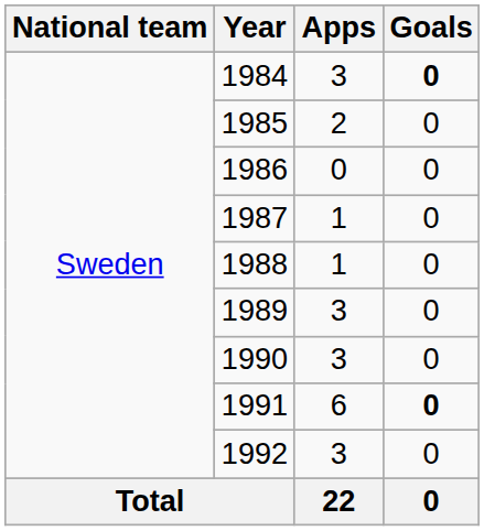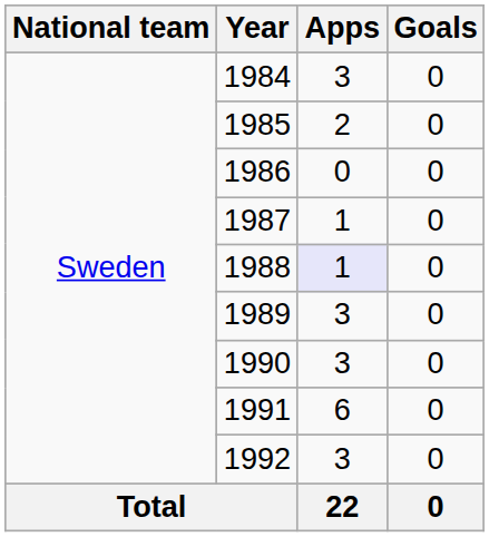 <table class="wikitable" style="text-align:center">
 <tr>
 <th>National team</th>
 <th>Year</th>
 <th>Apps</th>
 <th>Goals</th>
 </tr>
 <tr>
 <td rowspan="9"><a href='#'>Sweden</a></td>
 <td>1984</td>
 <td>3</td>
-<td><strong>0</strong></td>
+<td>0</td>
 </tr>
 <tr>
 <td>1985</td>
 <td>2</td>
 <td>0</td>
 </tr>
 <tr>
 <td>1986</td>
 <td>0</td>
 <td>0</td>
 </tr>
 <tr>
 <td>1987</td>
 <td>1</td>
 <td>0</td>
 </tr>
 <tr>
 <td>1988</td>
-<td>1</td>
+<td style="background: lavender;">1</td>
 <td>0</td>
 </tr>
 <tr>
 <td>1989</td>
 <td>3</td>
 <td>0</td>
 </tr>
 <tr>
 <td>1990</td>
 <td>3</td>
 <td>0</td>
 </tr>
 <tr>
 <td>1991</td>
 <td>6</td>
-<td><strong>0</strong></td>
+<td>0</td>
 </tr>
 <tr>
 <td>1992</td>
 <td>3</td>
 <td>0</td>
 </tr>
 <tr>
 <th colspan="2">Total</th>
 <th>22</th>
 <th>0</th>
 </tr>
 </table>
